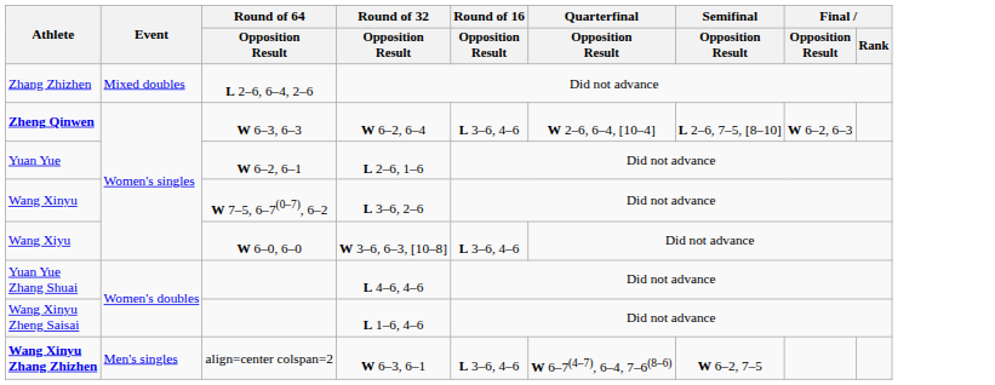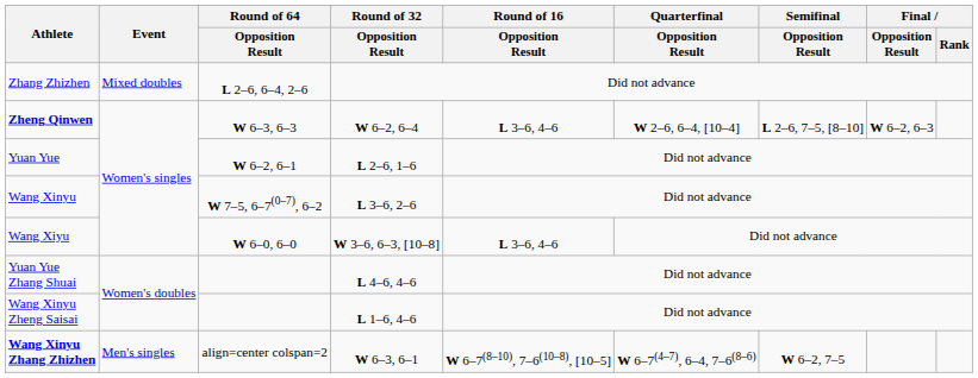 <table class="wikitable" style="font-size:90%;">
 <tr>
 <th rowspan=2>Athlete</th>
 <th rowspan=2>Event</th>
 <th>Round of 64</th>
 <th>Round of 32</th>
 <th>Round of 16</th>
 <th>Quarterfinal</th>
 <th>Semifinal</th>
 <th colspan=2>Final / </th>
 </tr>
 <tr style="font-size:95%">
 <th>Opposition<br>Result</th>
 <th>Opposition<br>Result</th>
 <th>Opposition<br>Result</th>
 <th>Opposition<br>Result</th>
 <th>Opposition<br>Result</th>
 <th>Opposition<br>Result</th>
 <th>Rank</th>
 </tr>
 <tr align=center>
 <td align=left><a href='#'>Zhang Zhizhen</a></td>
 <td align=left><a href='#'>Mixed doubles</a></td>
 <td><br><strong>L</strong> 2–6, 6–4, 2–6</td>
 <td colspan=6>Did not advance</td>
 </tr>
 <tr align=center>
 <td align=left><strong><a href='#'>Zheng Qinwen</a></strong></td>
 <td rowspan="4" align=left><a href='#'>Women's singles</a></td>
 <td><br><strong>W</strong> 6–3, 6–3</td>
 <td><br><strong>W</strong> 6–2, 6–4</td>
 <td><br><strong>L</strong> 3–6, 4–6</td>
 <td><br><strong>W</strong> 2–6, 6–4, [10–4]</td>
 <td><br><strong>L</strong> 2–6, 7–5, [8–10]</td>
 <td><br><strong>W</strong> 6–2, 6–3</td>
 <td></td>
 </tr>
 <tr align=center>
 <td align=left><a href='#'>Yuan Yue</a></td>
 <td><br><strong>W</strong> 6–2, 6–1</td>
 <td><br><strong>L</strong> 2–6, 1–6</td>
 <td colspan=5>Did not advance</td>
 </tr>
 <tr align=center>
 <td align=left><a href='#'>Wang Xinyu</a></td>
 <td><br><strong>W</strong> 7–5, 6–7<sup>(0–7)</sup>, 6–2</td>
 <td><br><strong>L</strong> 3–6, 2–6</td>
 <td colspan=5>Did not advance</td>
 </tr>
 <tr align=center>
 <td align=left><a href='#'>Wang Xiyu</a></td>
 <td><br><strong>W</strong> 6–0, 6–0</td>
 <td><br><strong>W</strong> 3–6, 6–3, [10–8]</td>
 <td><br><strong>L</strong> 3–6, 4–6</td>
 <td colspan=4>Did not advance</td>
 </tr>
 <tr align=center>
 <td align=left><a href='#'>Yuan Yue</a><br><a href='#'>Zhang Shuai</a></td>
 <td align=left rowspan=2><a href='#'>Women's doubles</a></td>
 <td></td>
 <td><br><strong>L</strong> 4–6, 4–6</td>
 <td colspan=5>Did not advance</td>
 </tr>
 <tr align=center>
 <td align=left><a href='#'>Wang Xinyu</a><br><a href='#'>Zheng Saisai</a></td>
 <td></td>
 <td><br><strong>L</strong> 1–6, 4–6</td>
 <td colspan=5>Did not advance</td>
 </tr>
 <tr align=center>
 <td align=left><strong><a href='#'>Wang Xinyu</a><br><a href='#'>Zhang Zhizhen</a></strong></td>
 <td align=left><a href='#'>Men's singles</a></td>
 <td>align=center colspan=2</td>
 <td><br><strong>W</strong> 6–3, 6–1</td>
-<td><br><strong>L</strong> 3–6, 4–6</td>
+<td><br><strong>W</strong> 6–7<sup>(8–10)</sup>, 7–6<sup>(10–8)</sup>, [10–5]</td>
 <td><br><strong>W</strong> 6–7<sup>(4–7)</sup>, 6–4, 7–6<sup>(8–6)</sup></td>
 <td><br><strong>W</strong> 6–2, 7–5</td>
 <td></td>
 </tr>
 </table>
